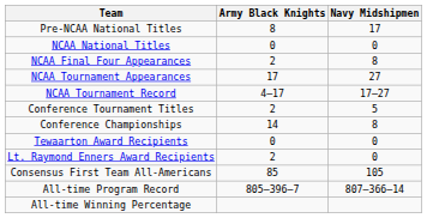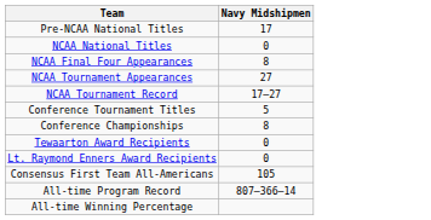 <table class="wikitable" style="text-align:center;">
 <tr>
 <th>Team</th>
-<th>Army Black Knights</th>
 <th>Navy Midshipmen</th>
 </tr>
 <tr>
 <td>Pre-NCAA National Titles</td>
-<td>8</td>
 <td>17</td>
 </tr>
 <tr>
 <td><a href='#'>NCAA National Titles</a></td>
 <td>0</td>
-<td>0</td>
 </tr>
 <tr>
 <td><a href='#'>NCAA Final Four Appearances</a></td>
-<td>2</td>
 <td>8</td>
 </tr>
 <tr>
 <td><a href='#'>NCAA Tournament Appearances</a></td>
-<td>17</td>
 <td>27</td>
 </tr>
 <tr>
 <td><a href='#'>NCAA Tournament Record</a></td>
-<td>4–17</td>
 <td>17–27</td>
 </tr>
 <tr>
 <td>Conference Tournament Titles</td>
-<td>2</td>
 <td>5</td>
 </tr>
 <tr>
 <td>Conference Championships</td>
-<td>14</td>
 <td>8</td>
 </tr>
 <tr>
 <td><a href='#'>Tewaarton Award Recipients</a></td>
 <td>0</td>
-<td>0</td>
 </tr>
 <tr>
 <td><a href='#'>Lt. Raymond Enners Award Recipients</a></td>
-<td>2</td>
 <td>0</td>
 </tr>
 <tr>
 <td>Consensus First Team All-Americans</td>
-<td>85</td>
 <td>105</td>
 </tr>
 <tr>
 <td>All-time Program Record</td>
-<td>805–396–7</td>
 <td>807–366–14</td>
 </tr>
 <tr>
 <td>All-time Winning Percentage</td>
 <td></td>
-<td></td>
 </tr>
 </table>
